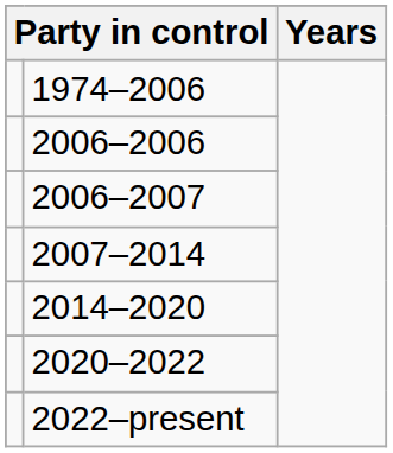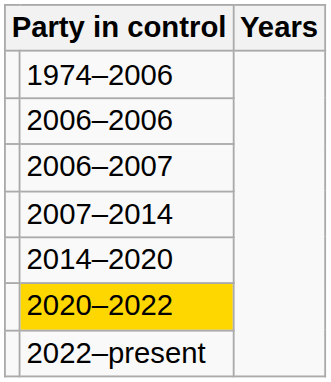 <table class="wikitable">
 <tr>
 <th colspan=2>Party in control</th>
 <th>Years</th>
 </tr>
 <tr>
 <td></td>
 <td>1974–2006</td>
 </tr>
 <tr>
 <td></td>
 <td>2006–2006</td>
 </tr>
 <tr>
 <td></td>
 <td>2006–2007</td>
 </tr>
 <tr>
 <td></td>
 <td>2007–2014</td>
 </tr>
 <tr>
 <td></td>
 <td>2014–2020</td>
 </tr>
 <tr>
 <td></td>
-<td>2020–2022</td>
+<td style="background: gold;">2020–2022</td>
 </tr>
 <tr>
 <td></td>
 <td>2022–present</td>
 </tr>
 </table>
